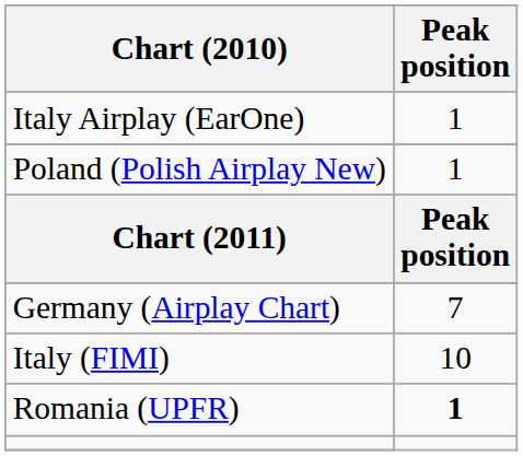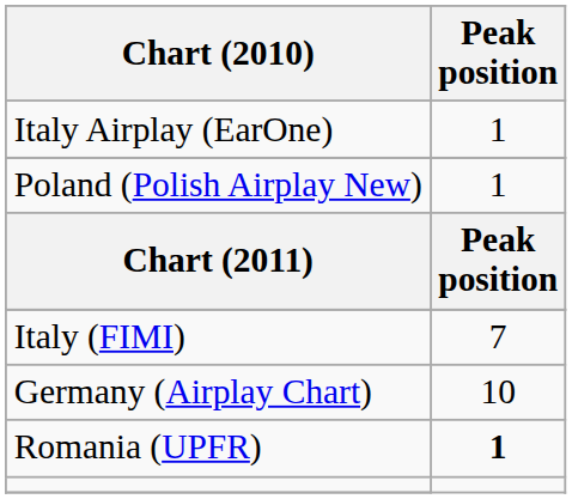 <table class="wikitable sortable">
 <tr>
 <th>Chart (2010)</th>
 <th>Peak<br> position</th>
 </tr>
 <tr>
 <td>Italy Airplay (EarOne)</td>
 <td style="text-align:center;">1</td>
 </tr>
 <tr>
 </tr>
 <tr>
 </tr>
 <tr>
 </tr>
 <tr>
 <td>Poland (<a href='#'>Polish Airplay New</a>)</td>
 <td align="center">1</td>
 </tr>
 <tr>
 <th>Chart (2011)</th>
 <th>Peak<br>position</th>
 </tr>
 <tr>
 </tr>
 <tr>
 </tr>
 <tr>
-<td align="left">Germany (<a href='#'>Airplay Chart</a>)</td>
+<td>Italy (<a href='#'>FIMI</a>)</td>
 <td style="text-align:center;">7</td>
 </tr>
 <tr>
-<td>Italy (<a href='#'>FIMI</a>)</td>
+<td align="left">Germany (<a href='#'>Airplay Chart</a>)</td>
 <td style="text-align:center;">10</td>
 </tr>
 <tr>
 <td>Romania (<a href='#'>UPFR</a>)</td>
 <td style="text-align:center;"><strong>1</strong></td>
 </tr>
 <tr>
 <td></td>
 </tr>
 <tr>
 </tr>
 <tr>
 </tr>
 <tr>
 </tr>
 </table>
